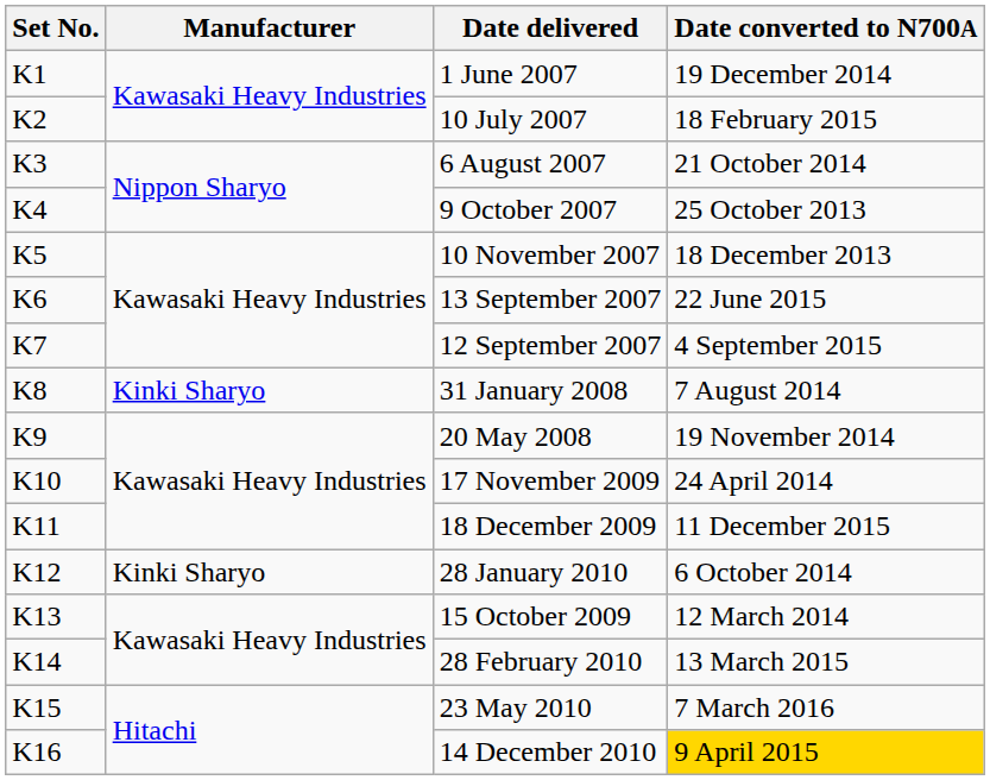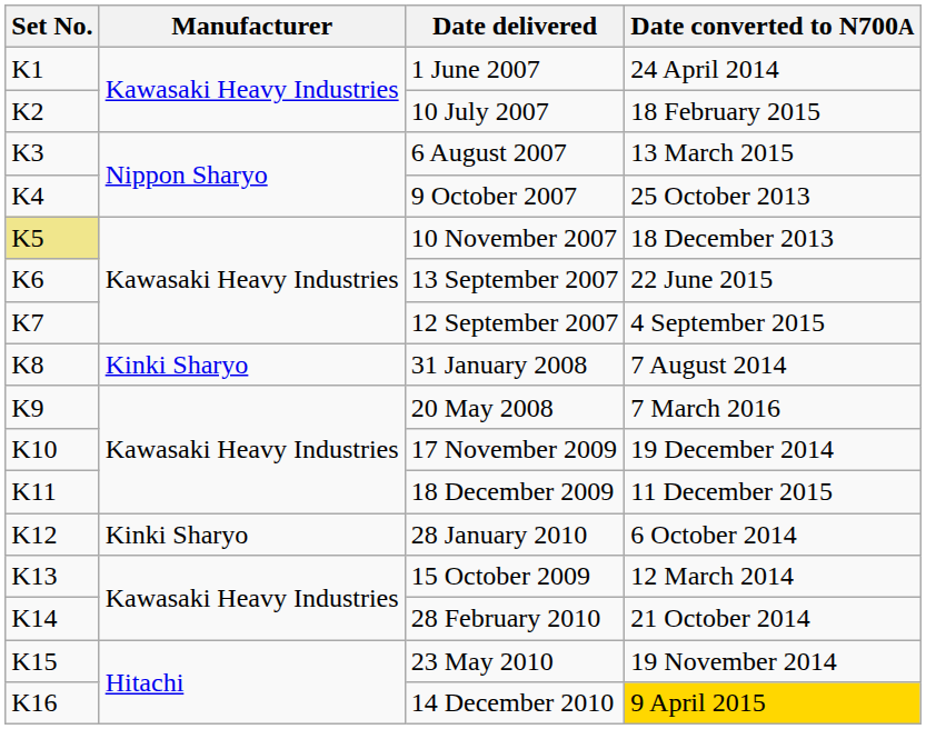 <table class="wikitable">
 <tr>
 <th>Set No.</th>
 <th>Manufacturer</th>
 <th>Date delivered</th>
 <th>Date converted to N700<small>A</small></th>
 </tr>
 <tr>
 <td>K1</td>
 <td rowspan="2"><a href='#'>Kawasaki Heavy Industries</a></td>
 <td>1 June 2007</td>
-<td>19 December 2014</td>
+<td>24 April 2014</td>
 </tr>
 <tr>
 <td>K2</td>
 <td>10 July 2007</td>
 <td>18 February 2015</td>
 </tr>
 <tr>
 <td>K3</td>
 <td rowspan="2"><a href='#'>Nippon Sharyo</a></td>
 <td>6 August 2007</td>
-<td>21 October 2014</td>
+<td>13 March 2015</td>
 </tr>
 <tr>
 <td>K4</td>
 <td>9 October 2007</td>
 <td>25 October 2013</td>
 </tr>
 <tr>
-<td>K5</td>
+<td style="background: khaki;">K5</td>
 <td rowspan="3">Kawasaki Heavy Industries</td>
 <td>10 November 2007</td>
 <td>18 December 2013</td>
 </tr>
 <tr>
 <td>K6</td>
 <td>13 September 2007</td>
 <td>22 June 2015</td>
 </tr>
 <tr>
 <td>K7</td>
 <td>12 September 2007</td>
 <td>4 September 2015</td>
 </tr>
 <tr>
 <td>K8</td>
 <td><a href='#'>Kinki Sharyo</a></td>
 <td>31 January 2008</td>
 <td>7 August 2014</td>
 </tr>
 <tr>
 <td>K9</td>
 <td rowspan="3">Kawasaki Heavy Industries</td>
 <td>20 May 2008</td>
-<td>19 November 2014</td>
+<td>7 March 2016</td>
 </tr>
 <tr>
 <td>K10</td>
 <td>17 November 2009</td>
-<td>24 April 2014</td>
+<td>19 December 2014</td>
 </tr>
 <tr>
 <td>K11</td>
 <td>18 December 2009</td>
 <td>11 December 2015</td>
 </tr>
 <tr>
 <td>K12</td>
 <td>Kinki Sharyo</td>
 <td>28 January 2010</td>
 <td>6 October 2014</td>
 </tr>
 <tr>
 <td>K13</td>
 <td rowspan="2">Kawasaki Heavy Industries</td>
 <td>15 October 2009</td>
 <td>12 March 2014</td>
 </tr>
 <tr>
 <td>K14</td>
 <td>28 February 2010</td>
-<td>13 March 2015</td>
+<td>21 October 2014</td>
 </tr>
 <tr>
 <td>K15</td>
 <td rowspan="2"><a href='#'>Hitachi</a></td>
 <td>23 May 2010</td>
-<td>7 March 2016</td>
+<td>19 November 2014</td>
 </tr>
 <tr>
 <td>K16</td>
 <td>14 December 2010</td>
 <td style="background: gold;">9 April 2015</td>
 </tr>
 </table>
